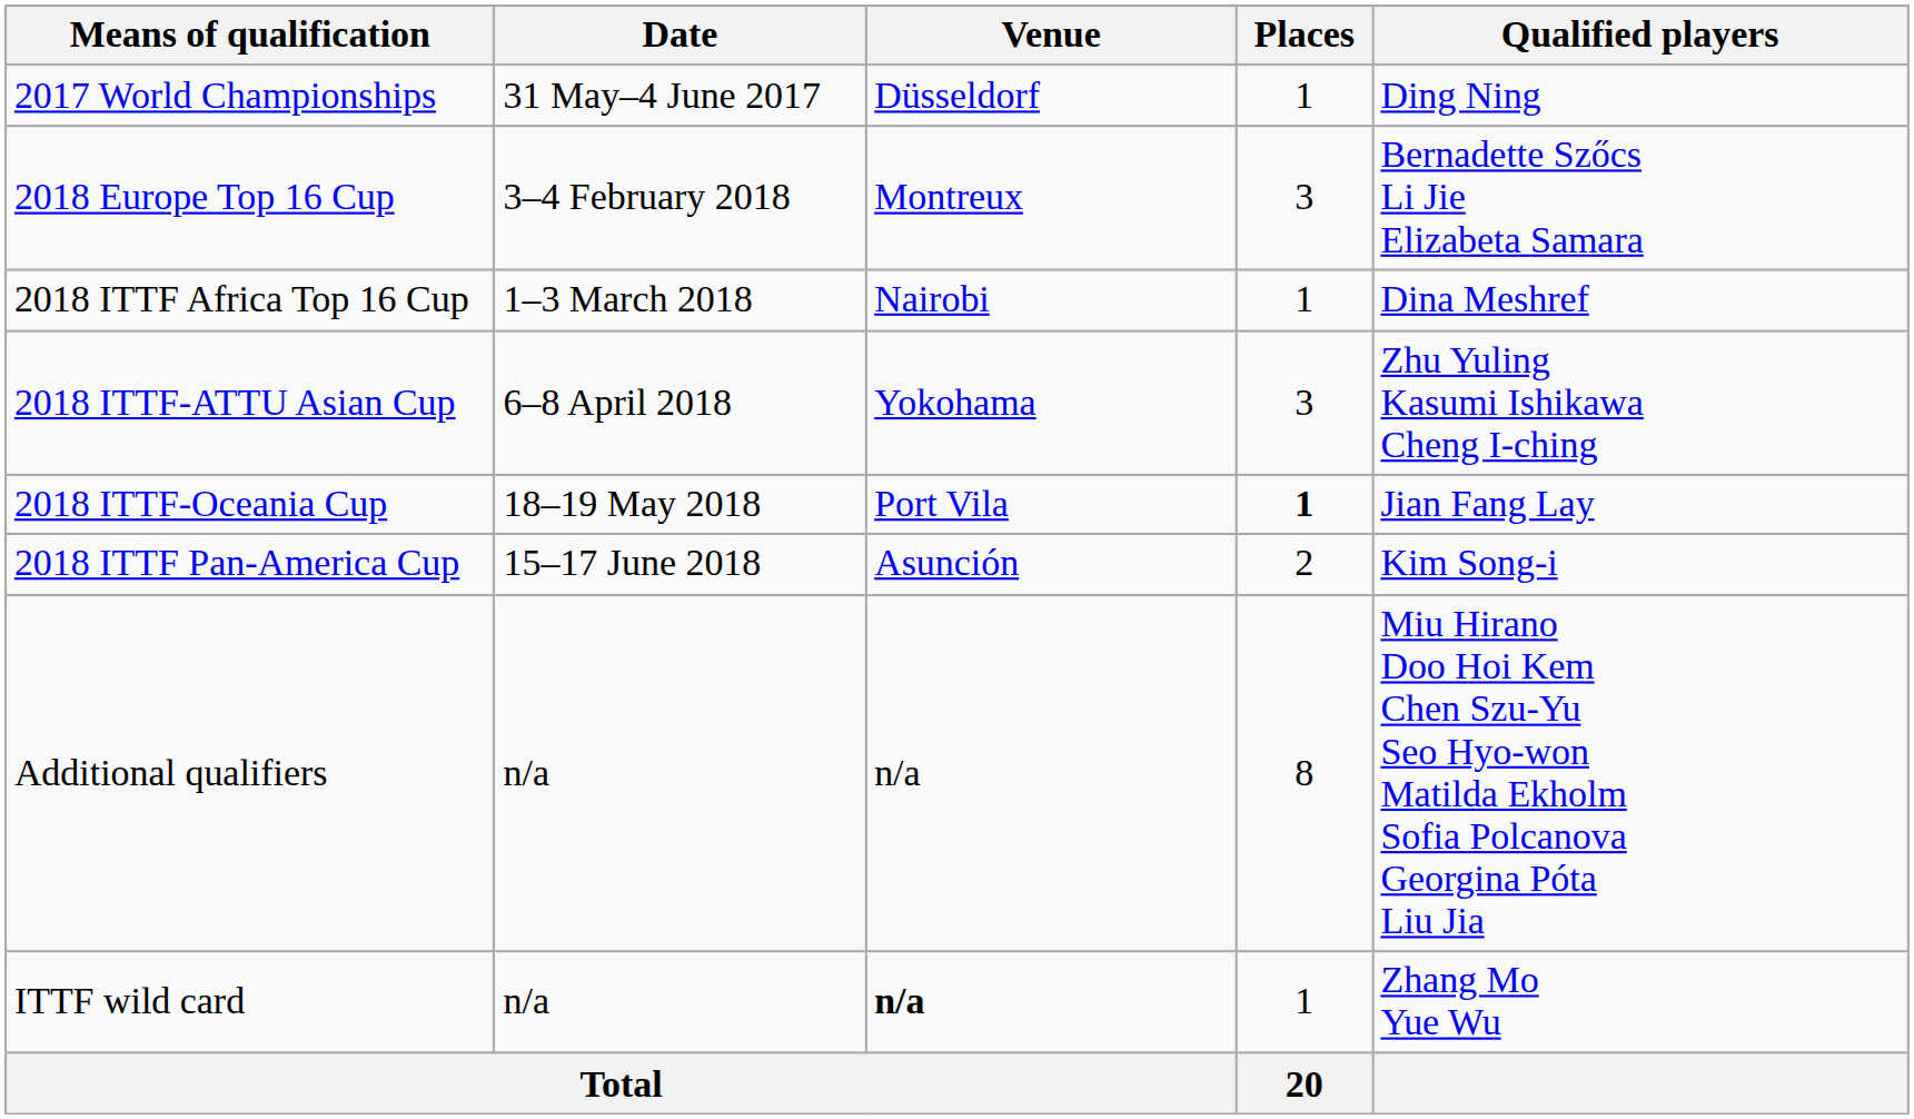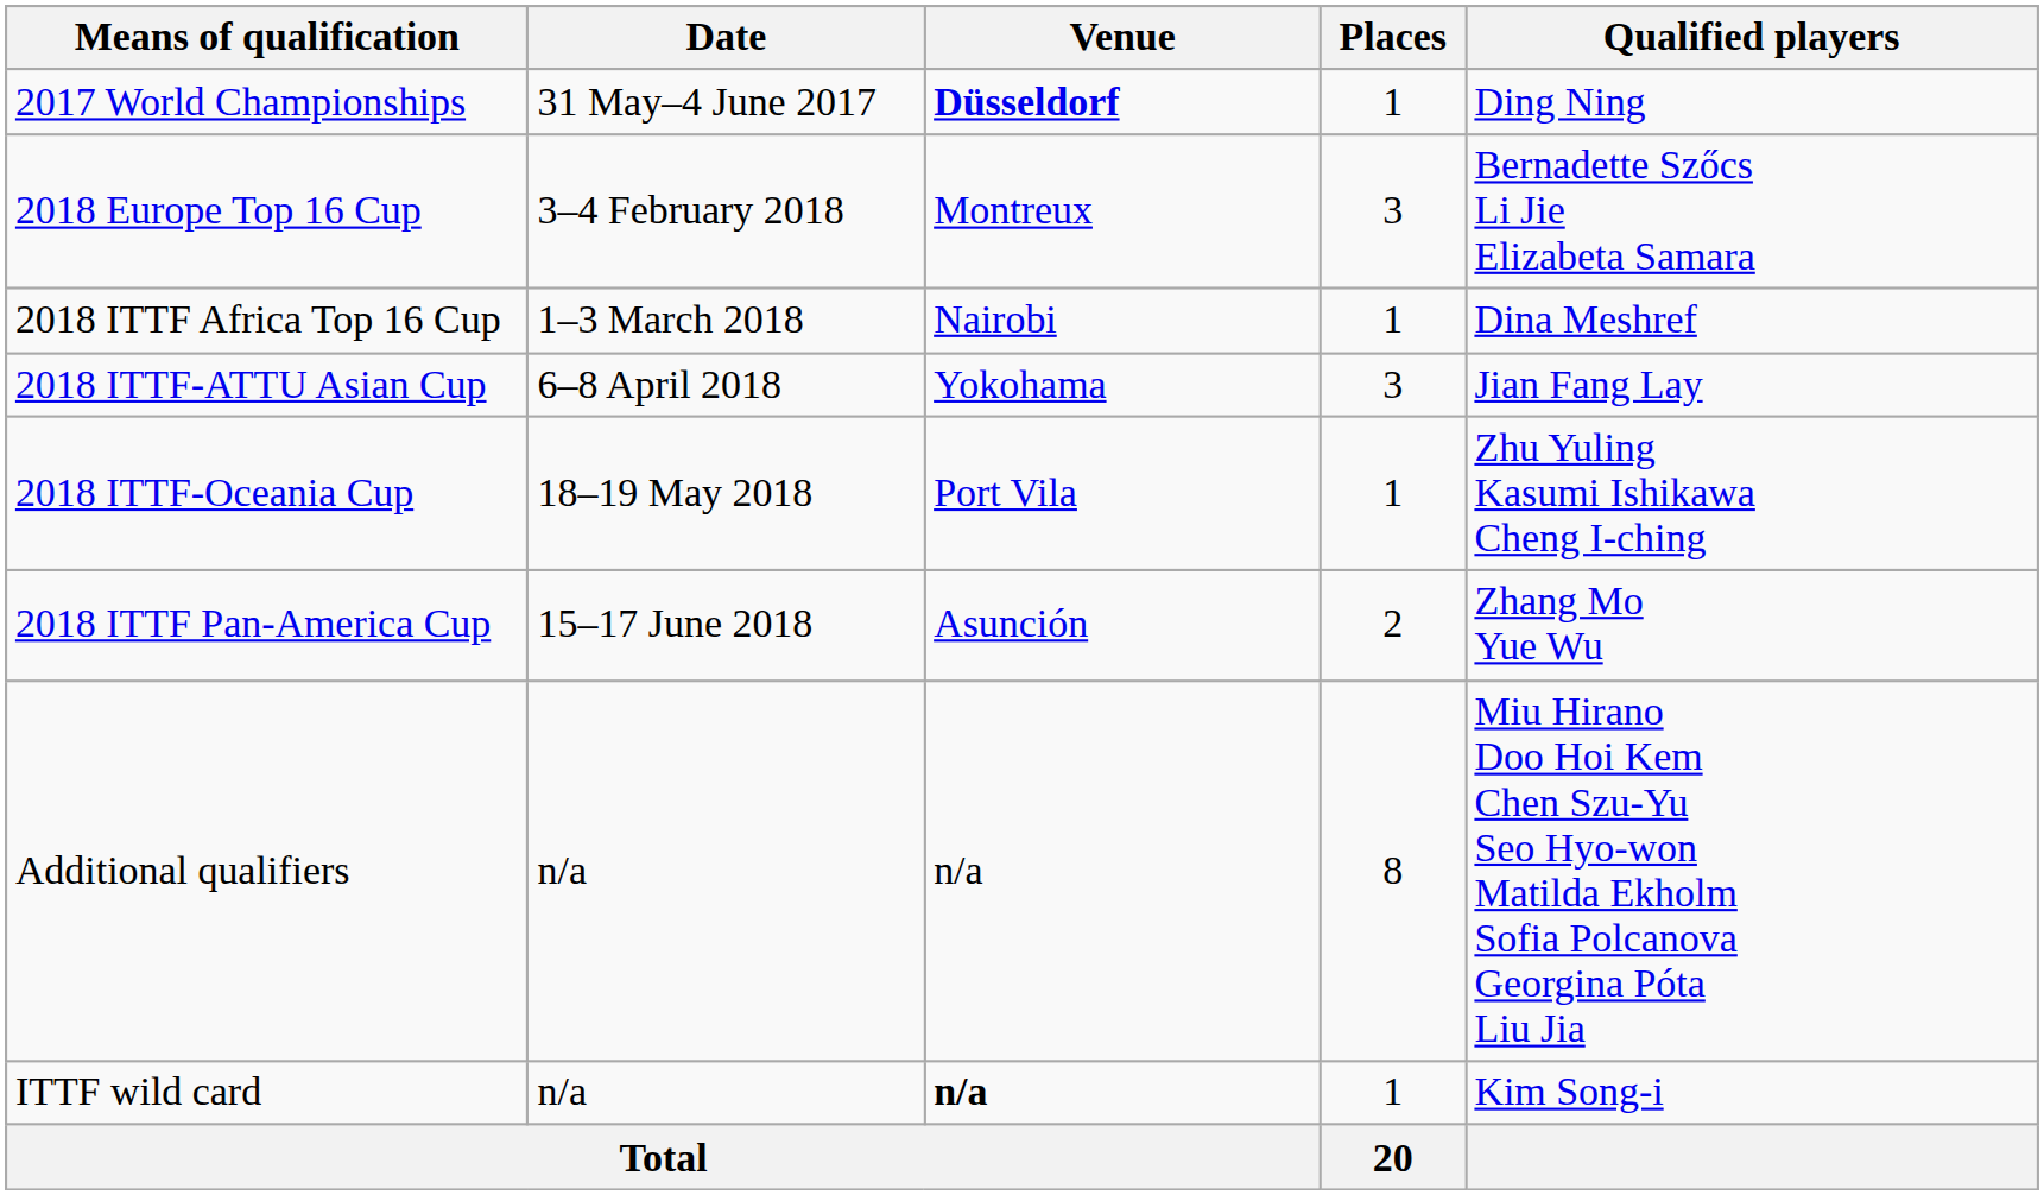 <table class="wikitable" style="text-align:left; font-size:100%">
 <tr>
 <th width=200>Means of qualification</th>
 <th width=150>Date</th>
 <th width=150>Venue</th>
 <th width=50>Places</th>
 <th width=220>Qualified players</th>
 </tr>
 <tr>
 <td><a href='#'>2017 World Championships</a></td>
 <td>31 May–4 June 2017</td>
-<td> <a href='#'>Düsseldorf</a></td>
+<td><strong> <a href='#'>Düsseldorf</a></strong></td>
 <td align=center>1</td>
 <td> <a href='#'>Ding Ning</a></td>
 </tr>
 <tr>
 <td><a href='#'>2018 Europe Top 16 Cup</a></td>
 <td>3–4 February 2018</td>
 <td> <a href='#'>Montreux</a></td>
 <td align=center>3</td>
 <td> <a href='#'>Bernadette Szőcs</a><br> <a href='#'>Li Jie</a><br> <a href='#'>Elizabeta Samara</a></td>
 </tr>
 <tr>
 <td>2018 ITTF Africa Top 16 Cup</td>
 <td>1–3 March 2018</td>
 <td> <a href='#'>Nairobi</a></td>
 <td align=center>1</td>
 <td> <a href='#'>Dina Meshref</a></td>
 </tr>
 <tr>
 <td><a href='#'>2018 ITTF-ATTU Asian Cup</a></td>
 <td>6–8 April 2018</td>
 <td> <a href='#'>Yokohama</a></td>
 <td align=center>3</td>
-<td> <a href='#'>Zhu Yuling</a><br> <a href='#'>Kasumi Ishikawa</a><br> <a href='#'>Cheng I-ching</a></td>
+<td> <a href='#'>Jian Fang Lay</a></td>
 </tr>
 <tr>
 <td><a href='#'>2018 ITTF-Oceania Cup</a></td>
 <td>18–19 May 2018</td>
 <td> <a href='#'>Port Vila</a></td>
-<td align=center><strong>1</strong></td>
-<td> <a href='#'>Jian Fang Lay</a></td>
+<td align=center>1</td>
+<td> <a href='#'>Zhu Yuling</a><br> <a href='#'>Kasumi Ishikawa</a><br> <a href='#'>Cheng I-ching</a></td>
 </tr>
 <tr>
 <td><a href='#'>2018 ITTF Pan-America Cup</a></td>
 <td>15–17 June 2018</td>
 <td> <a href='#'>Asunción</a></td>
 <td align=center>2</td>
-<td> <a href='#'>Kim Song-i</a></td>
+<td> <a href='#'>Zhang Mo</a><br> <a href='#'>Yue Wu</a></td>
 </tr>
 <tr>
 <td>Additional qualifiers</td>
 <td>n/a</td>
 <td>n/a</td>
 <td align=center>8</td>
 <td> <a href='#'>Miu Hirano</a><br> <a href='#'>Doo Hoi Kem</a><br> <a href='#'>Chen Szu-Yu</a><br> <a href='#'>Seo Hyo-won</a><br> <a href='#'>Matilda Ekholm</a><br> <a href='#'>Sofia Polcanova</a><br> <a href='#'>Georgina Póta</a><br> <a href='#'>Liu Jia</a></td>
 </tr>
 <tr>
 <td>ITTF wild card</td>
 <td>n/a</td>
 <td><strong>n/a</strong></td>
 <td align=center>1</td>
-<td> <a href='#'>Zhang Mo</a><br> <a href='#'>Yue Wu</a></td>
+<td> <a href='#'>Kim Song-i</a></td>
 </tr>
 <tr>
 <th colspan=3>Total</th>
 <th>20</th>
 <th></th>
 </tr>
 </table>
